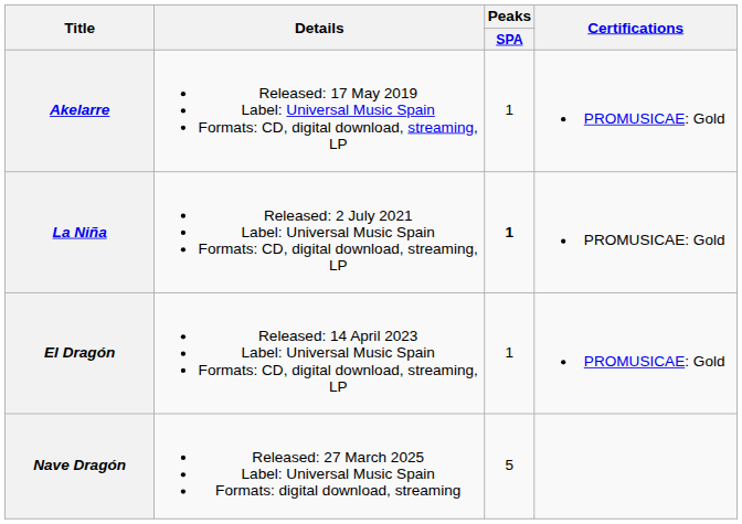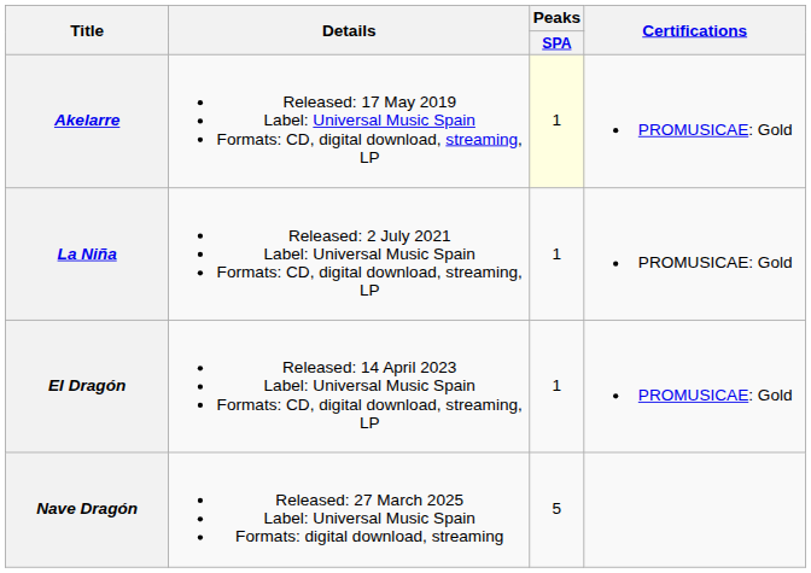 <table class="wikitable plainrowheaders" style="text-align:center;">
 <tr>
 <th scope="col" rowspan="2" style="width:9.5em;">Title</th>
 <th scope="col" rowspan="2" style="width:21.5em;">Details</th>
 <th scope="col" colspan="1">Peaks</th>
 <th scope="col" rowspan="2" style="width:13em;"><a href='#'>Certifications</a></th>
 </tr>
 <tr>
 <th scope="col" style="width:2.5em;font-size:90%;"><a href='#'>SPA</a><br></th>
 </tr>
 <tr>
 <th scope="row"><em><a href='#'>Akelarre</a></em></th>
 <td><br><ul><li>Released: 17 May 2019</li><li>Label: <a href='#'>Universal Music Spain</a></li><li>Formats: CD, digital download, <a href='#'>streaming</a>, LP</li></ul></td>
-<td>1</td>
+<td style="background: lightyellow;">1</td>
 <td><br><ul><li><a href='#'>PROMUSICAE</a>: Gold</li></ul></td>
 </tr>
 <tr>
 <th scope="row"><em><a href='#'>La Niña</a></em></th>
 <td><br><ul><li>Released: 2 July 2021</li><li>Label: Universal Music Spain</li><li>Formats: CD, digital download, streaming, LP</li></ul></td>
-<td><strong>1</strong></td>
+<td>1</td>
 <td><br><ul><li>PROMUSICAE: Gold</li></ul></td>
 </tr>
 <tr>
 <th scope="row"><em>El Dragón</em></th>
 <td><br><ul><li>Released: 14 April 2023</li><li>Label: Universal Music Spain</li><li>Formats: CD, digital download, streaming, LP</li></ul></td>
 <td>1</td>
 <td><br><ul><li><a href='#'>PROMUSICAE</a>: Gold</li></ul></td>
 </tr>
 <tr>
 <th scope="row"><em>Nave Dragón</em></th>
 <td><br><ul><li>Released: 27 March 2025</li><li>Label: Universal Music Spain</li><li>Formats: digital download, streaming</li></ul></td>
 <td>5</td>
 </tr>
 </table>
